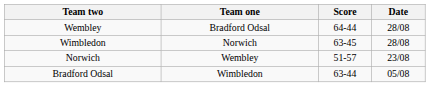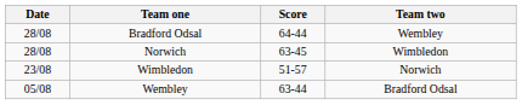 <table class="wikitable" style="text-align: center">
 <tr>
-<th width=250>Team two</th>
+<th width=80>Date</th>
 <th width=250>Team one</th>
 <th width=80>Score</th>
-<th width=80>Date</th>
+<th width=250>Team two</th>
 </tr>
 <tr>
-<td>Wembley</td>
+<td>28/08</td>
 <td>Bradford Odsal</td>
 <td>64-44</td>
-<td>28/08</td>
+<td>Wembley</td>
 </tr>
 <tr>
-<td>Wimbledon</td>
+<td>28/08</td>
 <td>Norwich</td>
 <td>63-45</td>
-<td>28/08</td>
+<td>Wimbledon</td>
 </tr>
 <tr>
+<td>23/08</td>
+<td>Wimbledon</td>
+<td>51-57</td>
 <td>Norwich</td>
-<td>Wembley</td>
-<td>51-57</td>
-<td>23/08</td>
 </tr>
 <tr>
+<td>05/08</td>
+<td>Wembley</td>
+<td>63-44</td>
 <td>Bradford Odsal</td>
-<td>Wimbledon</td>
-<td>63-44</td>
-<td>05/08</td>
 </tr>
 </table>
